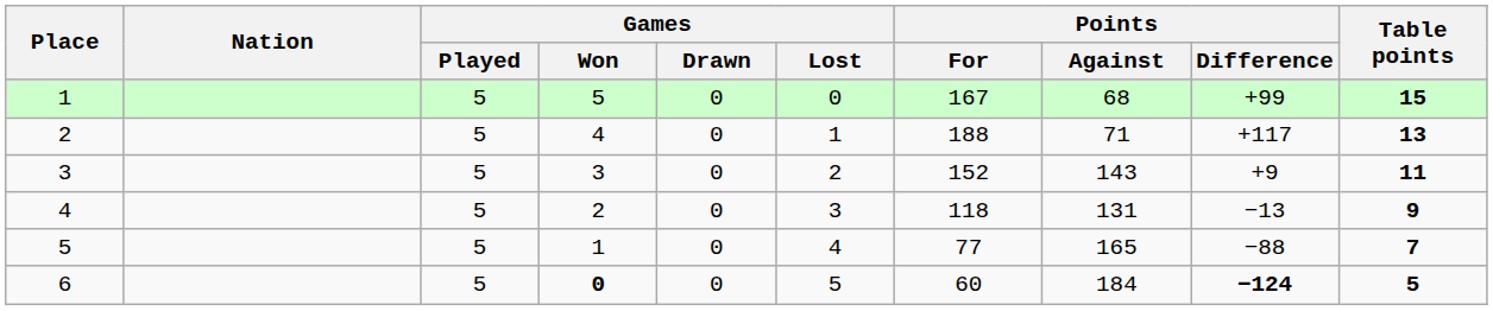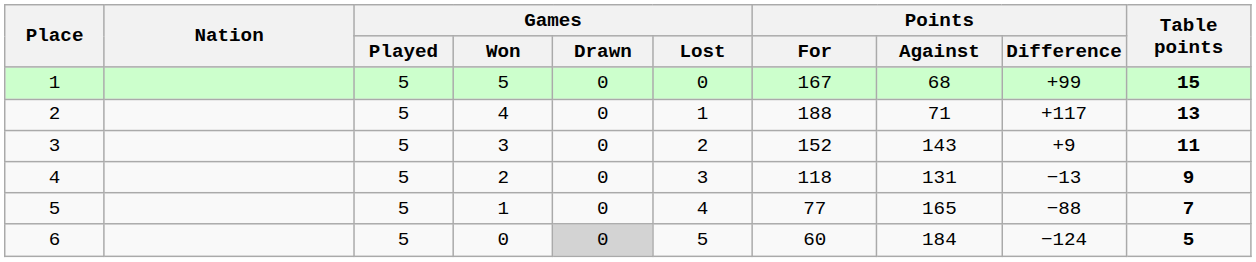 <table class="wikitable" style="text-align:center">
 <tr>
 <th rowspan=2 width="8%">Place</th>
 <th rowspan=2 width="20%">Nation</th>
 <th colspan=4 width="32%">Games</th>
 <th colspan=3 width="30%">Points</th>
 <th rowspan=2 width="10%">Table<br>points</th>
 </tr>
 <tr>
 <th width="8%">Played</th>
 <th width="8%">Won</th>
 <th width="8%">Drawn</th>
 <th width="8%">Lost</th>
 <th width="10%">For</th>
 <th width="10%">Against</th>
 <th width="10%">Difference</th>
 </tr>
 <tr bgcolor=#ccffcc>
 <td>1</td>
 <td align=left></td>
 <td>5</td>
 <td>5</td>
 <td>0</td>
 <td>0</td>
 <td>167</td>
 <td>68</td>
 <td>+99</td>
 <td><strong>15</strong></td>
 </tr>
 <tr>
 <td>2</td>
 <td align=left></td>
 <td>5</td>
 <td>4</td>
 <td>0</td>
 <td>1</td>
 <td>188</td>
 <td>71</td>
 <td>+117</td>
 <td><strong>13</strong></td>
 </tr>
 <tr>
 <td>3</td>
 <td align=left></td>
 <td>5</td>
 <td>3</td>
 <td>0</td>
 <td>2</td>
 <td>152</td>
 <td>143</td>
 <td>+9</td>
 <td><strong>11</strong></td>
 </tr>
 <tr>
 <td>4</td>
 <td align=left></td>
 <td>5</td>
 <td>2</td>
 <td>0</td>
 <td>3</td>
 <td>118</td>
 <td>131</td>
 <td>−13</td>
 <td><strong>9</strong></td>
 </tr>
 <tr>
 <td>5</td>
 <td align=left></td>
 <td>5</td>
 <td>1</td>
 <td>0</td>
 <td>4</td>
 <td>77</td>
 <td>165</td>
 <td>−88</td>
 <td><strong>7</strong></td>
 </tr>
 <tr>
 <td>6</td>
 <td align=left></td>
 <td>5</td>
-<td><strong>0</strong></td>
 <td>0</td>
+<td style="background: lightgrey;">0</td>
 <td>5</td>
 <td>60</td>
 <td>184</td>
-<td><strong>−124</strong></td>
+<td>−124</td>
 <td><strong>5</strong></td>
 </tr>
 </table>
